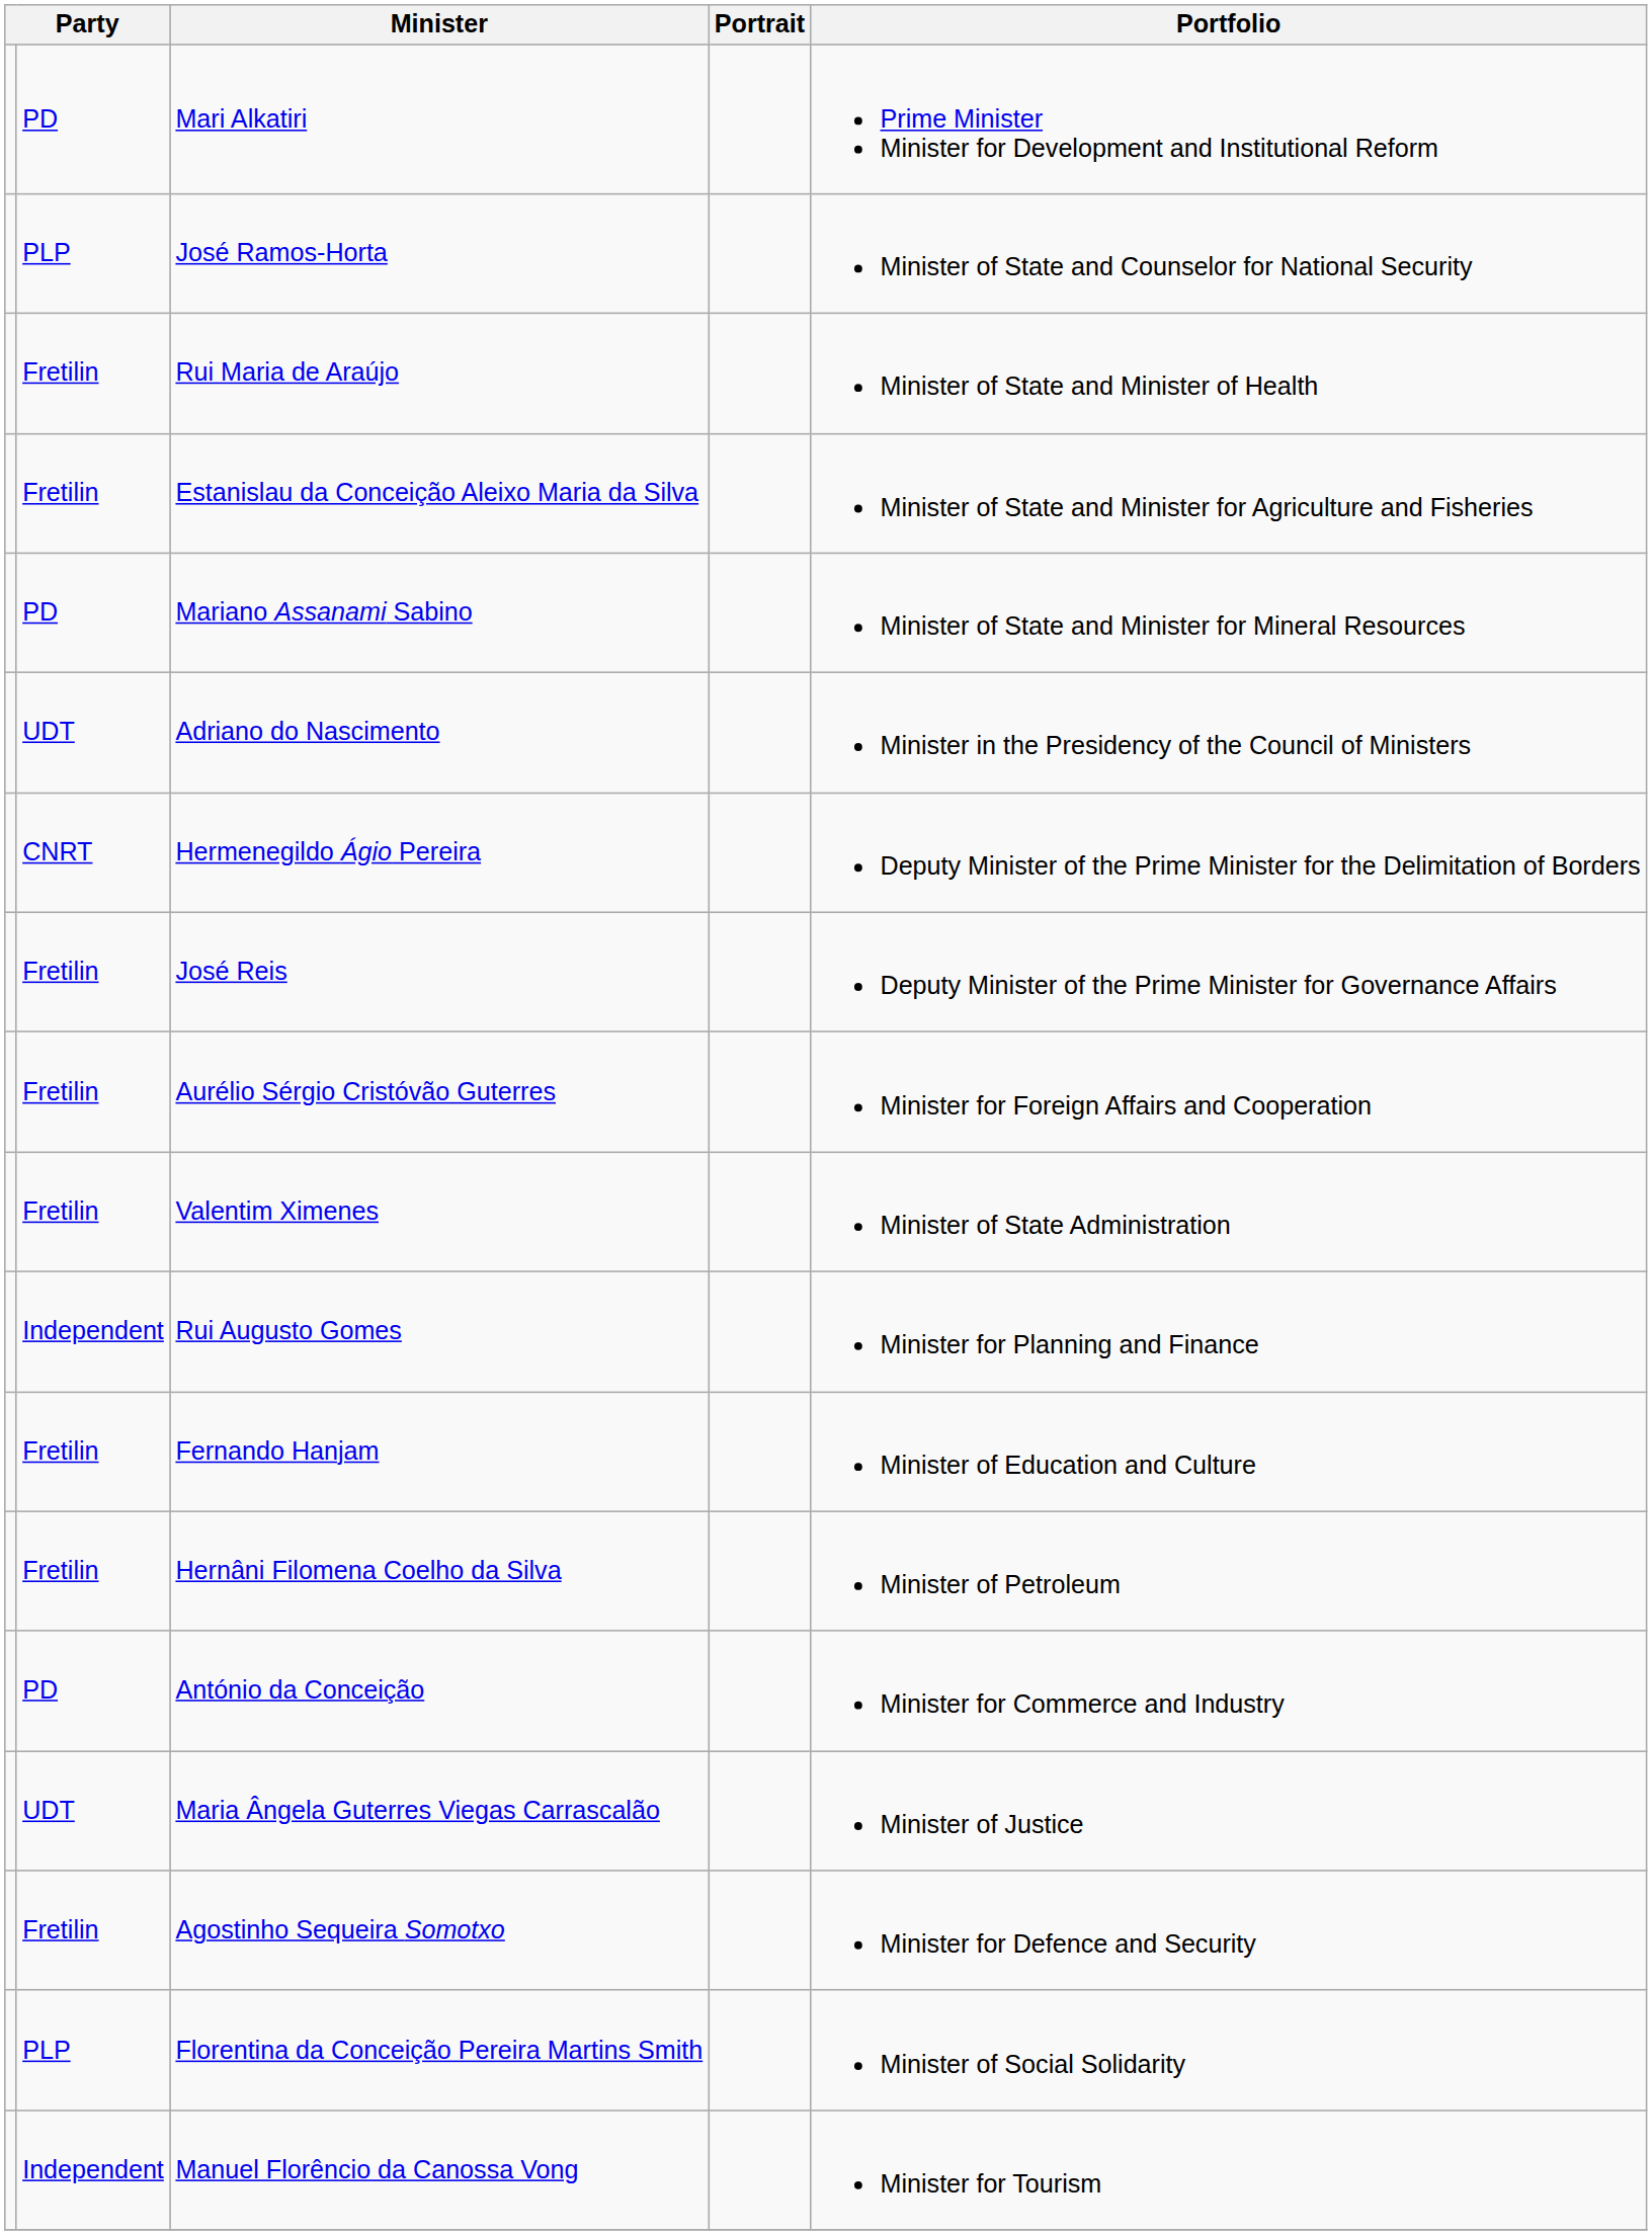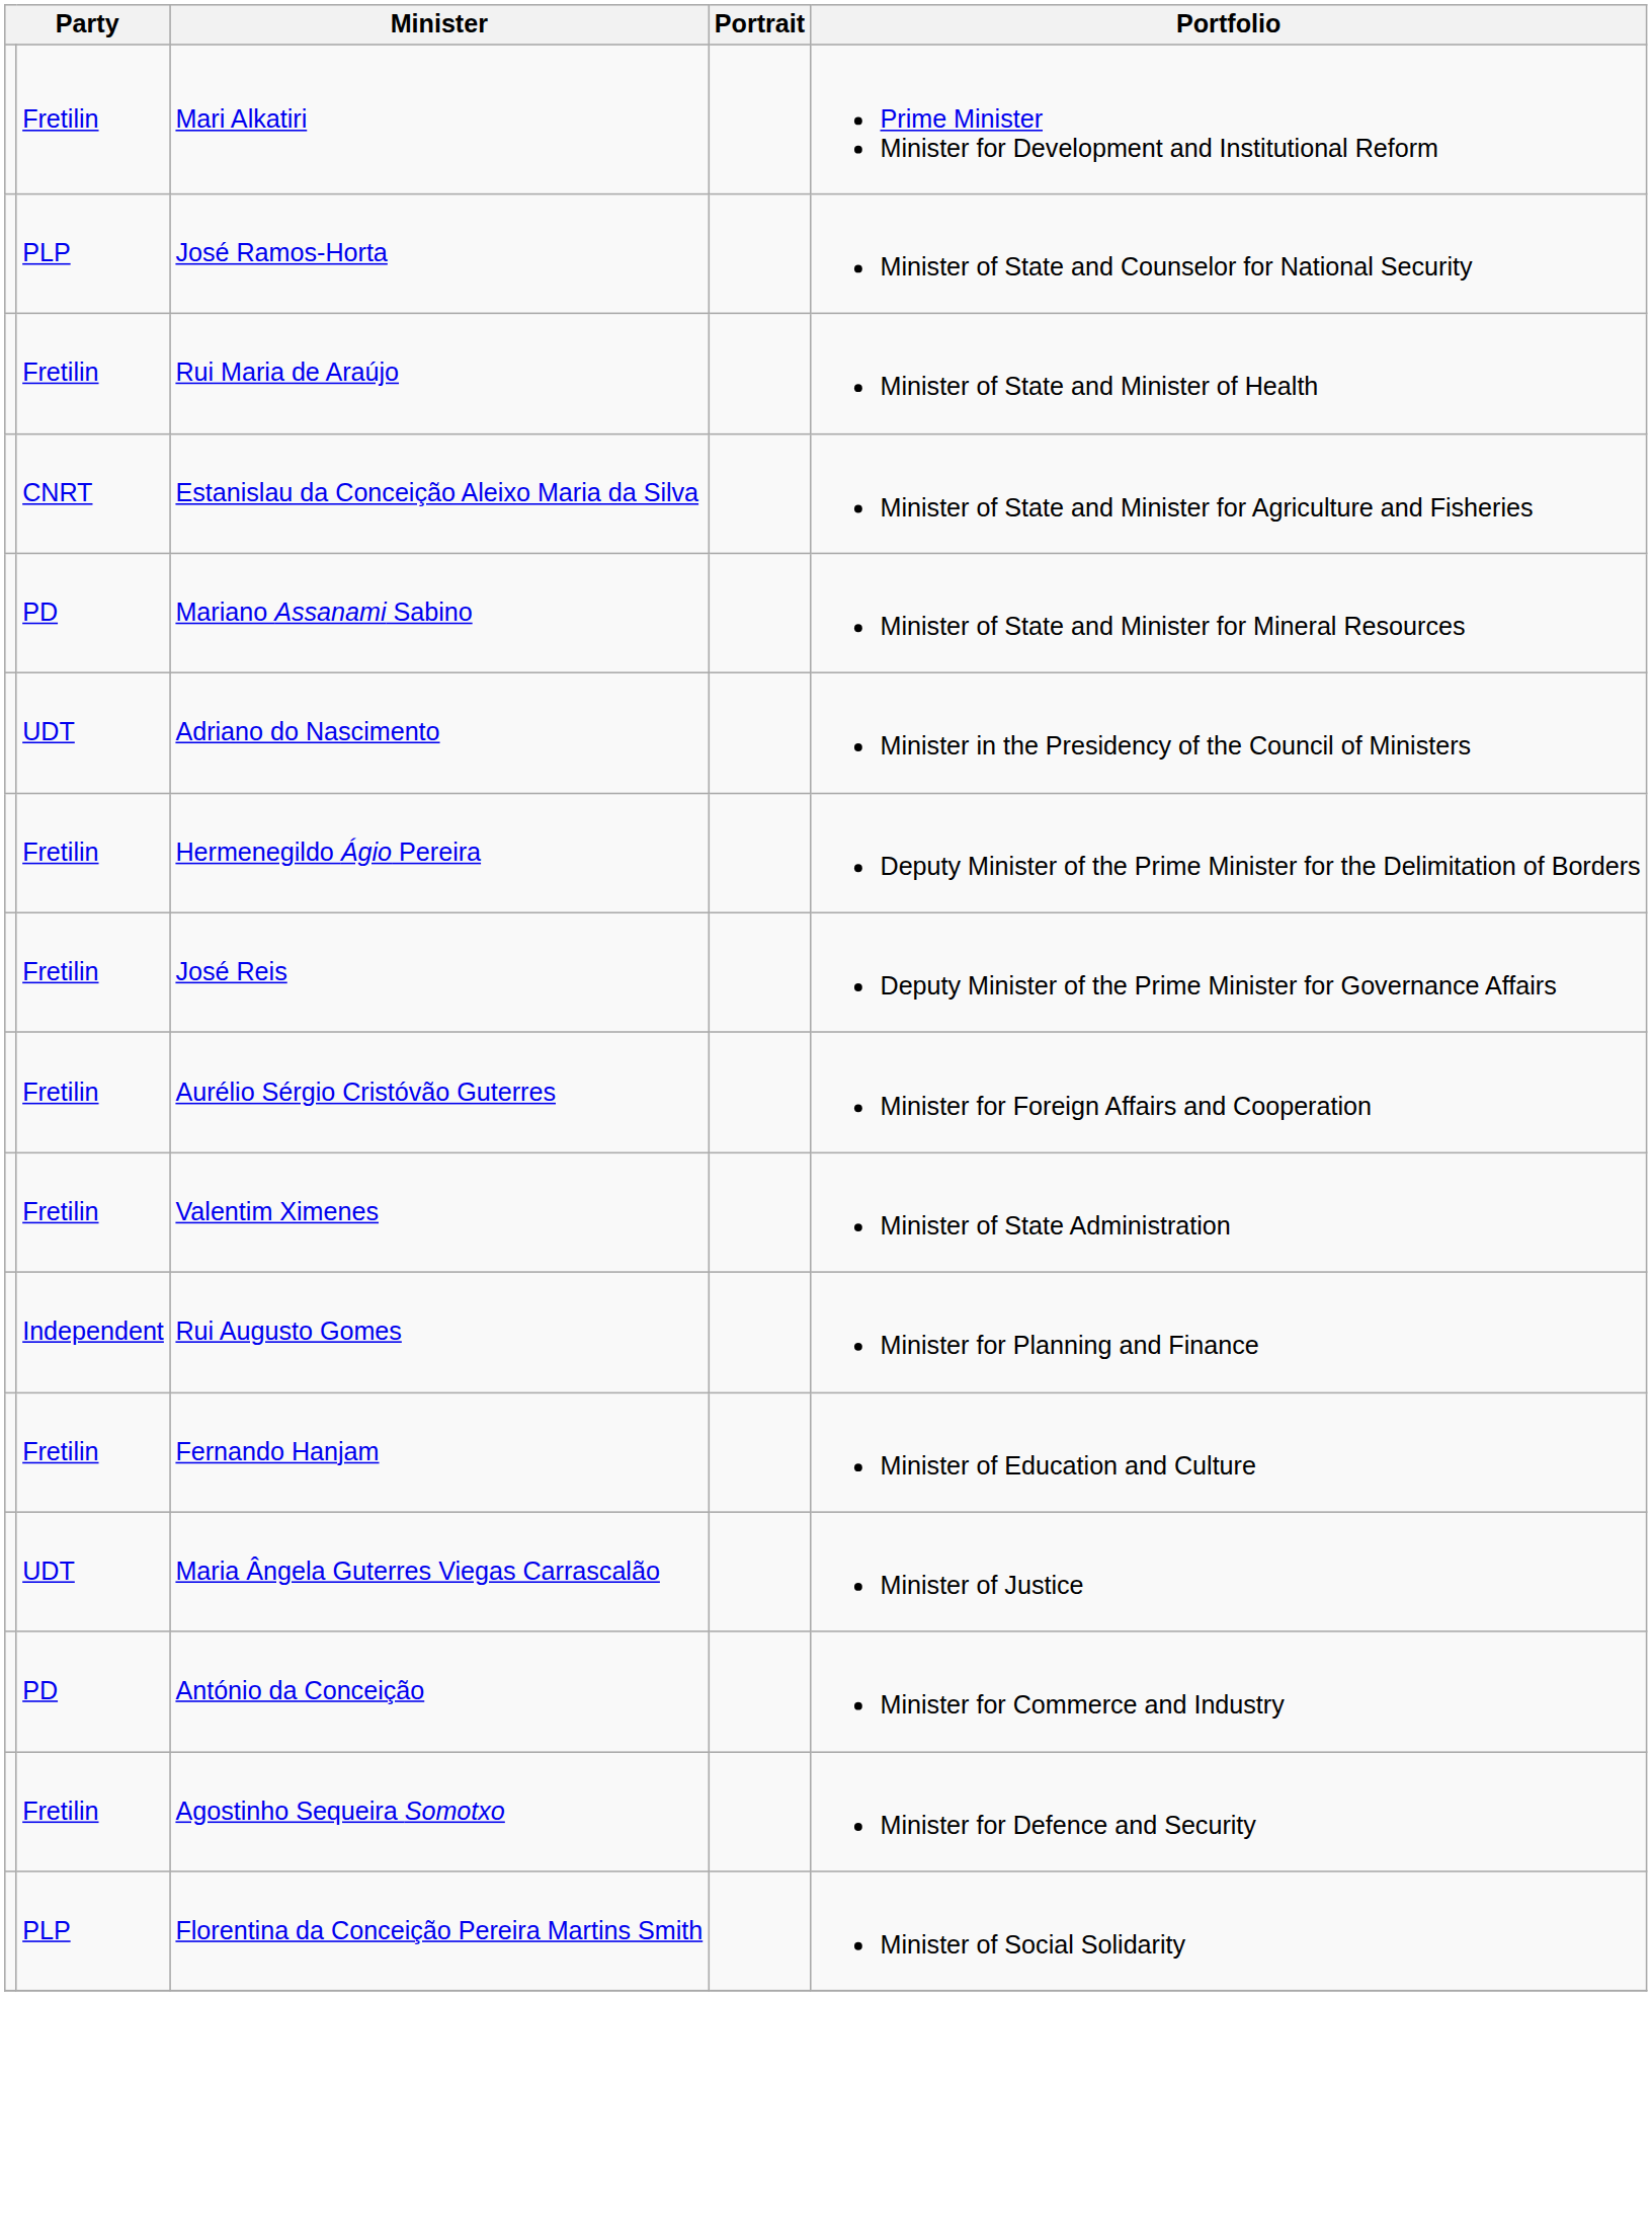 <table class="wikitable sortable">
 <tr>
 <th colspan="2">Party</th>
 <th>Minister</th>
 <th>Portrait</th>
 <th>Portfolio</th>
 </tr>
 <tr>
 <td style="background:"></td>
-<td><a href='#'>PD</a></td>
+<td><a href='#'>Fretilin</a></td>
 <td><a href='#'>Mari Alkatiri</a></td>
 <td></td>
 <td><br><ul><li><a href='#'>Prime Minister</a></li><li>Minister for Development and Institutional Reform</li></ul></td>
 </tr>
 <tr>
 <td style="background:"></td>
 <td><a href='#'>PLP</a></td>
 <td><a href='#'>José Ramos-Horta</a></td>
 <td></td>
 <td><br><ul><li>Minister of State and Counselor for National Security</li></ul></td>
 </tr>
 <tr>
 <td style="background:"></td>
 <td><a href='#'>Fretilin</a></td>
 <td><a href='#'>Rui Maria de Araújo</a></td>
 <td></td>
 <td><br><ul><li>Minister of State and Minister of Health</li></ul></td>
 </tr>
 <tr>
 <td style="background:"></td>
-<td><a href='#'>Fretilin</a></td>
+<td><a href='#'>CNRT</a></td>
 <td><a href='#'>Estanislau da Conceição Aleixo Maria da Silva</a></td>
 <td></td>
 <td><br><ul><li>Minister of State and Minister for Agriculture and Fisheries</li></ul></td>
 </tr>
 <tr>
 <td style="background:"></td>
 <td><a href='#'>PD</a></td>
 <td><a href='#'>Mariano <em>Assanami</em> Sabino</a></td>
 <td></td>
 <td><br><ul><li>Minister of State and Minister for Mineral Resources</li></ul></td>
 </tr>
 <tr>
 <td style="background:"></td>
 <td><a href='#'>UDT</a></td>
 <td><a href='#'>Adriano do Nascimento</a></td>
 <td></td>
 <td><br><ul><li>Minister in the Presidency of the Council of Ministers</li></ul></td>
 </tr>
 <tr>
 <td style="background:"></td>
-<td><a href='#'>CNRT</a></td>
+<td><a href='#'>Fretilin</a></td>
 <td><a href='#'>Hermenegildo <em>Ágio</em> Pereira</a></td>
 <td></td>
 <td><br><ul><li>Deputy Minister of the Prime Minister for the Delimitation of Borders</li></ul></td>
 </tr>
 <tr>
 <td style="background:"></td>
 <td><a href='#'>Fretilin</a></td>
 <td><a href='#'>José Reis</a></td>
 <td></td>
 <td><br><ul><li>Deputy Minister of the Prime Minister for Governance Affairs</li></ul></td>
 </tr>
 <tr>
 <td style="background:"></td>
 <td><a href='#'>Fretilin</a></td>
 <td><a href='#'>Aurélio Sérgio Cristóvão Guterres</a></td>
 <td></td>
 <td><br><ul><li>Minister for Foreign Affairs and Cooperation</li></ul></td>
 </tr>
 <tr>
 <td style="background:"></td>
 <td><a href='#'>Fretilin</a></td>
 <td><a href='#'>Valentim Ximenes</a></td>
 <td></td>
 <td><br><ul><li>Minister of State Administration</li></ul></td>
 </tr>
 <tr>
 <td style="background:"></td>
 <td><a href='#'>Independent</a></td>
 <td><a href='#'>Rui Augusto Gomes</a></td>
 <td></td>
 <td><br><ul><li>Minister for Planning and Finance</li></ul></td>
 </tr>
 <tr>
 <td style="background:"></td>
 <td><a href='#'>Fretilin</a></td>
 <td><a href='#'>Fernando Hanjam</a></td>
 <td></td>
 <td><br><ul><li>Minister of Education and Culture</li></ul></td>
 </tr>
 <tr>
 <td style="background:"></td>
-<td><a href='#'>Fretilin</a></td>
-<td><a href='#'>Hernâni Filomena Coelho da Silva</a></td>
+<td><a href='#'>UDT</a></td>
+<td><a href='#'>Maria Ângela Guterres Viegas Carrascalão</a></td>
 <td></td>
-<td><br><ul><li>Minister of Petroleum</li></ul></td>
+<td><br><ul><li>Minister of Justice</li></ul></td>
 </tr>
 <tr>
 <td style="background:"></td>
 <td><a href='#'>PD</a></td>
 <td><a href='#'>António da Conceição</a></td>
 <td></td>
 <td><br><ul><li>Minister for Commerce and Industry</li></ul></td>
-</tr>
-<tr>
-<td style="background:"></td>
-<td><a href='#'>UDT</a></td>
-<td><a href='#'>Maria Ângela Guterres Viegas Carrascalão</a></td>
-<td></td>
-<td><br><ul><li>Minister of Justice</li></ul></td>
 </tr>
 <tr>
 <td style="background:"></td>
 <td><a href='#'>Fretilin</a></td>
 <td><a href='#'>Agostinho Sequeira <em>Somotxo</em></a></td>
 <td></td>
 <td><br><ul><li>Minister for Defence and Security</li></ul></td>
 </tr>
 <tr>
 <td style="background:"></td>
 <td><a href='#'>PLP</a></td>
 <td><a href='#'>Florentina da Conceição Pereira Martins Smith</a></td>
 <td></td>
 <td><br><ul><li>Minister of Social Solidarity</li></ul></td>
 </tr>
 <tr>
-<td style="background:"></td>
-<td><a href='#'>Independent</a></td>
-<td><a href='#'>Manuel Florêncio da Canossa Vong</a></td>
-<td></td>
-<td><br><ul><li>Minister for Tourism</li></ul></td>
-</tr>
-<tr>
 </tr>
 </table>
